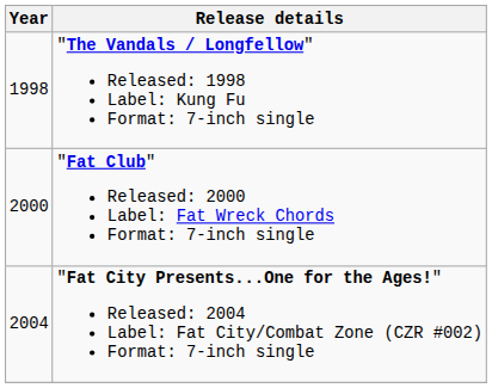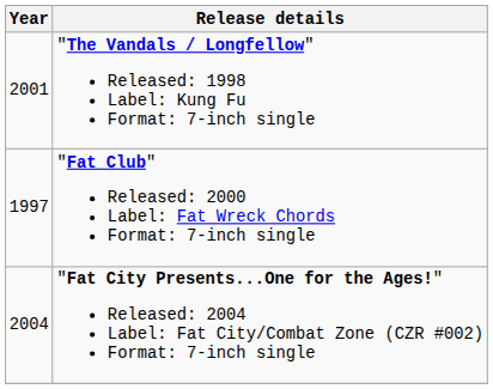 <table class ="wikitable">
 <tr>
 <th>Year</th>
 <th>Release details</th>
 </tr>
 <tr>
-<td>1998</td>
+<td>2001</td>
 <td>"<strong><a href='#'>The Vandals / Longfellow</a></strong>"<br><ul><li>Released: 1998</li><li>Label: Kung Fu</li><li>Format: 7-inch single</li></ul></td>
 </tr>
 <tr>
-<td>2000</td>
+<td>1997</td>
 <td>"<strong><a href='#'>Fat Club</a></strong>"<br><ul><li>Released: 2000</li><li>Label: <a href='#'>Fat Wreck Chords</a></li><li>Format: 7-inch single</li></ul></td>
 </tr>
 <tr>
 <td>2004</td>
 <td>"<strong>Fat City Presents...One for the Ages!</strong>"<br><ul><li>Released: 2004</li><li>Label: Fat City/Combat Zone (CZR #002)</li><li>Format: 7-inch single</li></ul></td>
 </tr>
 <tr>
 </tr>
 <tr>
 </tr>
 </table>
